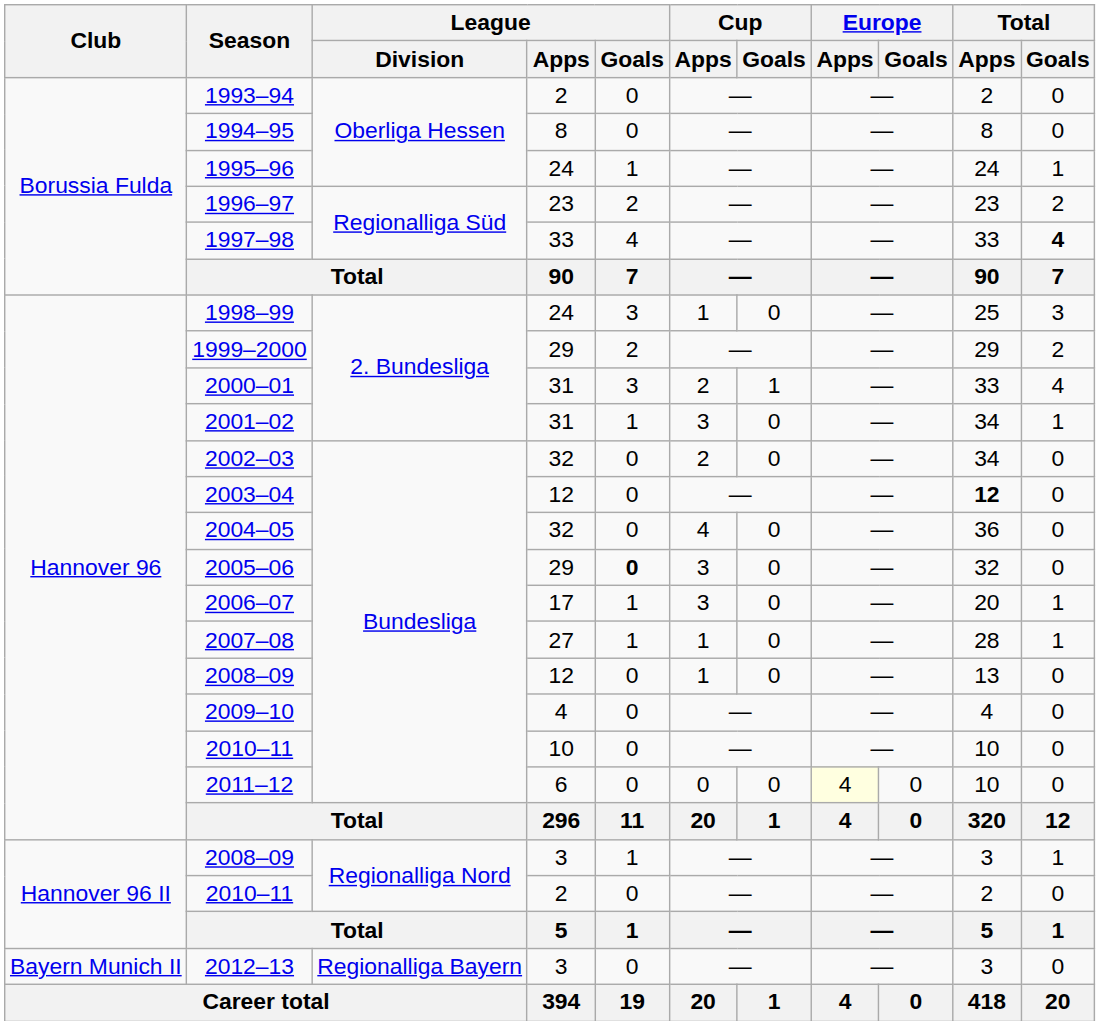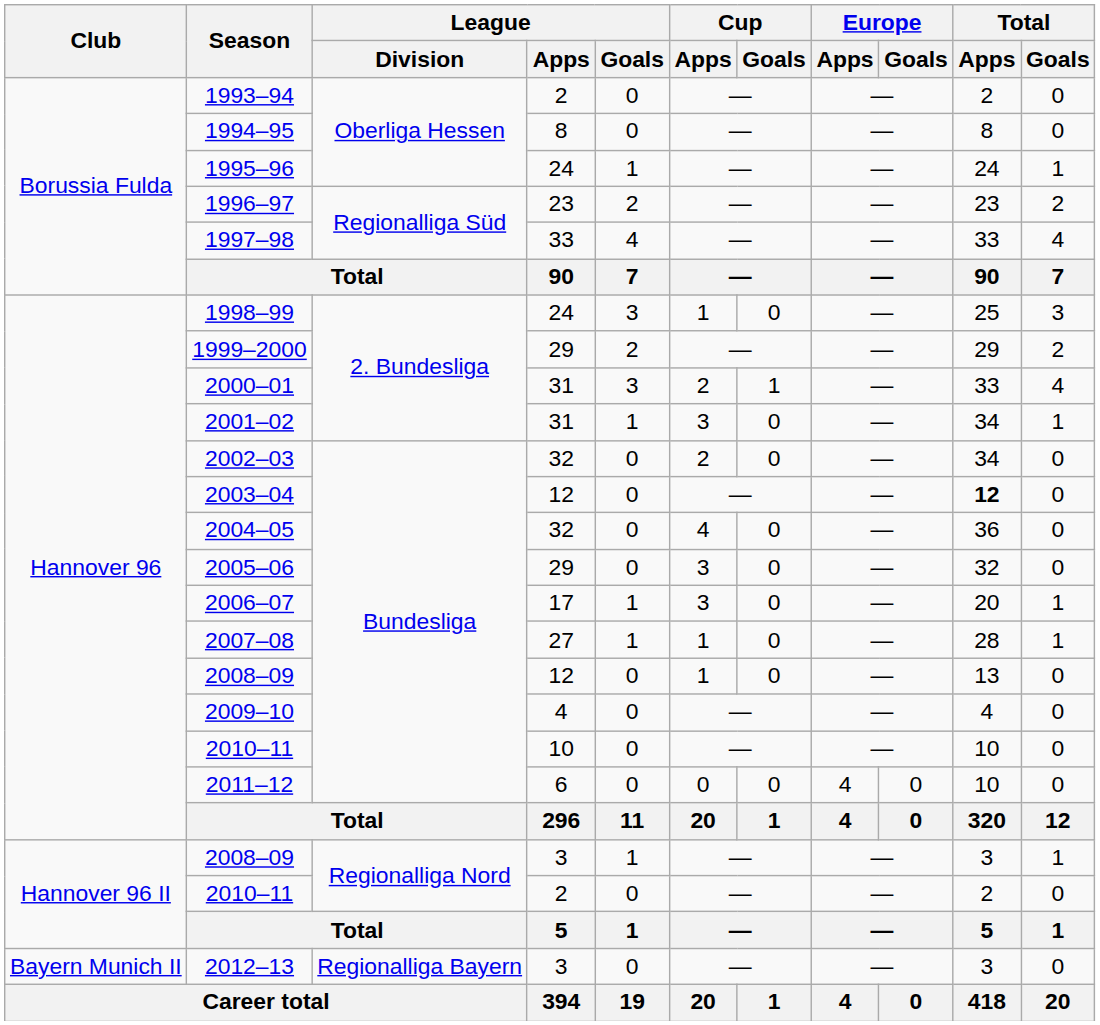 <table class="wikitable" style="text-align:center">
 <tr>
 <th rowspan="2">Club</th>
 <th rowspan="2">Season</th>
 <th colspan="3">League</th>
 <th colspan="2">Cup</th>
 <th colspan="2"><a href='#'>Europe</a></th>
 <th colspan="2">Total</th>
 </tr>
 <tr>
 <th>Division</th>
 <th>Apps</th>
 <th>Goals</th>
 <th>Apps</th>
 <th>Goals</th>
 <th>Apps</th>
 <th>Goals</th>
 <th>Apps</th>
 <th>Goals</th>
 </tr>
 <tr>
 <td rowspan="6"><a href='#'>Borussia Fulda</a></td>
 <td><a href='#'>1993–94</a></td>
 <td rowspan="3"><a href='#'>Oberliga Hessen</a></td>
 <td>2</td>
 <td>0</td>
 <td colspan="2">—</td>
 <td colspan="2">—</td>
 <td>2</td>
 <td>0</td>
 </tr>
 <tr>
 <td><a href='#'>1994–95</a></td>
 <td>8</td>
 <td>0</td>
 <td colspan="2">—</td>
 <td colspan="2">—</td>
 <td>8</td>
 <td>0</td>
 </tr>
 <tr>
 <td><a href='#'>1995–96</a></td>
 <td>24</td>
 <td>1</td>
 <td colspan="2">—</td>
 <td colspan="2">—</td>
 <td>24</td>
 <td>1</td>
 </tr>
 <tr>
 <td><a href='#'>1996–97</a></td>
 <td rowspan="2"><a href='#'>Regionalliga Süd</a></td>
 <td>23</td>
 <td>2</td>
 <td colspan="2">—</td>
 <td colspan="2">—</td>
 <td>23</td>
 <td>2</td>
 </tr>
 <tr>
 <td><a href='#'>1997–98</a></td>
 <td>33</td>
 <td>4</td>
 <td colspan="2">—</td>
 <td colspan="2">—</td>
 <td>33</td>
-<td><strong>4</strong></td>
+<td>4</td>
 </tr>
 <tr>
 <th colspan="2">Total</th>
 <th>90</th>
 <th>7</th>
 <th colspan="2">—</th>
 <th colspan="2">—</th>
 <th>90</th>
 <th>7</th>
 </tr>
 <tr>
 <td rowspan="15"><a href='#'>Hannover 96</a></td>
 <td><a href='#'>1998–99</a></td>
 <td rowspan="4"><a href='#'>2. Bundesliga</a></td>
 <td>24</td>
 <td>3</td>
 <td>1</td>
 <td>0</td>
 <td colspan="2">—</td>
 <td>25</td>
 <td>3</td>
 </tr>
 <tr>
 <td><a href='#'>1999–2000</a></td>
 <td>29</td>
 <td>2</td>
 <td colspan="2">—</td>
 <td colspan="2">—</td>
 <td>29</td>
 <td>2</td>
 </tr>
 <tr>
 <td><a href='#'>2000–01</a></td>
 <td>31</td>
 <td>3</td>
 <td>2</td>
 <td>1</td>
 <td colspan="2">—</td>
 <td>33</td>
 <td>4</td>
 </tr>
 <tr>
 <td><a href='#'>2001–02</a></td>
 <td>31</td>
 <td>1</td>
 <td>3</td>
 <td>0</td>
 <td colspan="2">—</td>
 <td>34</td>
 <td>1</td>
 </tr>
 <tr>
 <td><a href='#'>2002–03</a></td>
 <td rowspan="10"><a href='#'>Bundesliga</a></td>
 <td>32</td>
 <td>0</td>
 <td>2</td>
 <td>0</td>
 <td colspan="2">—</td>
 <td>34</td>
 <td>0</td>
 </tr>
 <tr>
 <td><a href='#'>2003–04</a></td>
 <td>12</td>
 <td>0</td>
 <td colspan="2">—</td>
 <td colspan="2">—</td>
 <td><strong>12</strong></td>
 <td>0</td>
 </tr>
 <tr>
 <td><a href='#'>2004–05</a></td>
 <td>32</td>
 <td>0</td>
 <td>4</td>
 <td>0</td>
 <td colspan="2">—</td>
 <td>36</td>
 <td>0</td>
 </tr>
 <tr>
 <td><a href='#'>2005–06</a></td>
 <td>29</td>
-<td><strong>0</strong></td>
+<td>0</td>
 <td>3</td>
 <td>0</td>
 <td colspan="2">—</td>
 <td>32</td>
 <td>0</td>
 </tr>
 <tr>
 <td><a href='#'>2006–07</a></td>
 <td>17</td>
 <td>1</td>
 <td>3</td>
 <td>0</td>
 <td colspan="2">—</td>
 <td>20</td>
 <td>1</td>
 </tr>
 <tr>
 <td><a href='#'>2007–08</a></td>
 <td>27</td>
 <td>1</td>
 <td>1</td>
 <td>0</td>
 <td colspan="2">—</td>
 <td>28</td>
 <td>1</td>
 </tr>
 <tr>
 <td><a href='#'>2008–09</a></td>
 <td>12</td>
 <td>0</td>
 <td>1</td>
 <td>0</td>
 <td colspan="2">—</td>
 <td>13</td>
 <td>0</td>
 </tr>
 <tr>
 <td><a href='#'>2009–10</a></td>
 <td>4</td>
 <td>0</td>
 <td colspan="2">—</td>
 <td colspan="2">—</td>
 <td>4</td>
 <td>0</td>
 </tr>
 <tr>
 <td><a href='#'>2010–11</a></td>
 <td>10</td>
 <td>0</td>
 <td colspan="2">—</td>
 <td colspan="2">—</td>
 <td>10</td>
 <td>0</td>
 </tr>
 <tr>
 <td><a href='#'>2011–12</a></td>
 <td>6</td>
 <td>0</td>
 <td>0</td>
 <td>0</td>
-<td style="background: lightyellow;">4</td>
+<td>4</td>
 <td>0</td>
 <td>10</td>
 <td>0</td>
 </tr>
 <tr>
 <th colspan="2">Total</th>
 <th>296</th>
 <th>11</th>
 <th>20</th>
 <th>1</th>
 <th>4</th>
 <th>0</th>
 <th>320</th>
 <th>12</th>
 </tr>
 <tr>
 <td rowspan="3"><a href='#'>Hannover 96 II</a></td>
 <td><a href='#'>2008–09</a></td>
 <td rowspan="2"><a href='#'>Regionalliga Nord</a></td>
 <td>3</td>
 <td>1</td>
 <td colspan="2">—</td>
 <td colspan="2">—</td>
 <td>3</td>
 <td>1</td>
 </tr>
 <tr>
 <td><a href='#'>2010–11</a></td>
 <td>2</td>
 <td>0</td>
 <td colspan="2">—</td>
 <td colspan="2">—</td>
 <td>2</td>
 <td>0</td>
 </tr>
 <tr>
 <th colspan="2">Total</th>
 <th>5</th>
 <th>1</th>
 <th colspan="2">—</th>
 <th colspan="2">—</th>
 <th>5</th>
 <th>1</th>
 </tr>
 <tr>
 <td><a href='#'>Bayern Munich II</a></td>
 <td><a href='#'>2012–13</a></td>
 <td><a href='#'>Regionalliga Bayern</a></td>
 <td>3</td>
 <td>0</td>
 <td colspan="2">—</td>
 <td colspan="2">—</td>
 <td>3</td>
 <td>0</td>
 </tr>
 <tr>
 <th colspan="3">Career total</th>
 <th>394</th>
 <th>19</th>
 <th>20</th>
 <th>1</th>
 <th>4</th>
 <th>0</th>
 <th>418</th>
 <th>20</th>
 </tr>
 </table>
